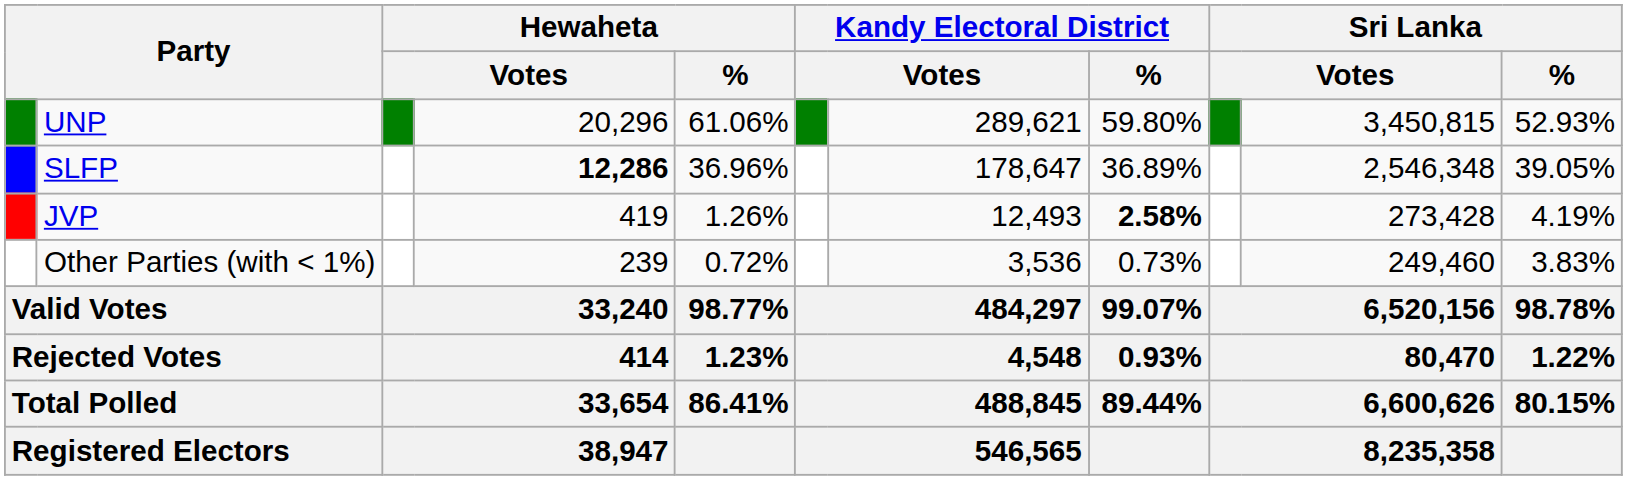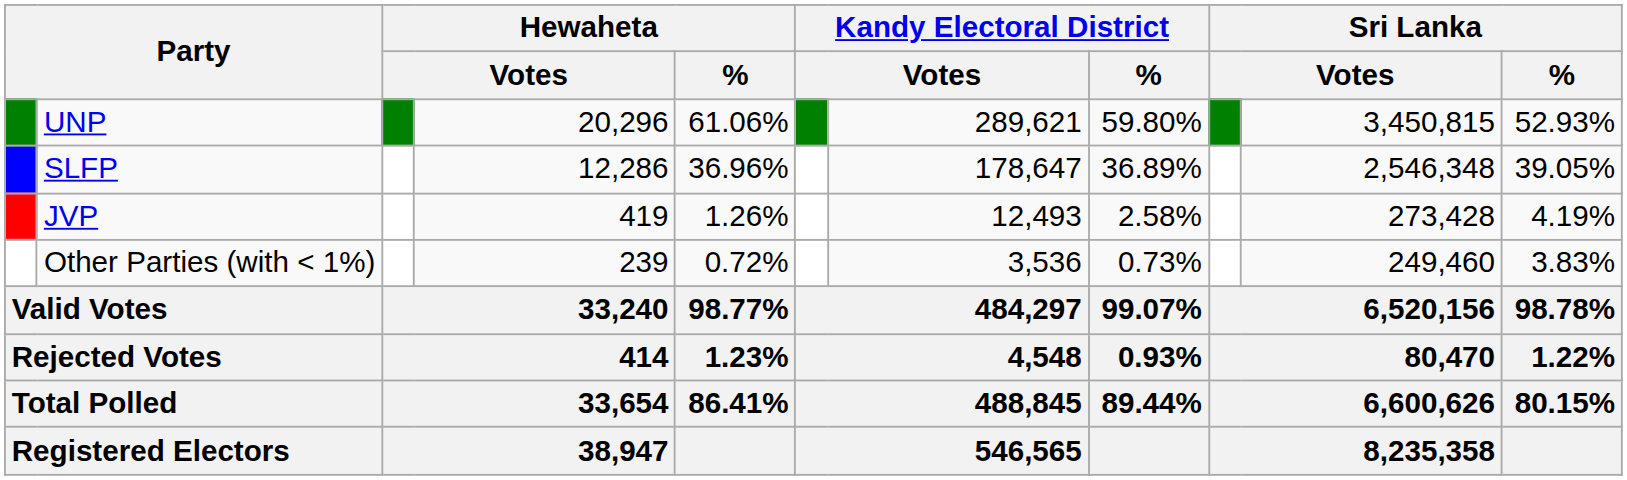 <table class="wikitable">
 <tr>
 <th colspan="2" width="144px"rowspan="2">Party</th>
 <th colspan="3" width="216px">Hewaheta</th>
 <th colspan="3" width="216px"><a href='#'>Kandy Electoral District</a></th>
 <th colspan="3" width="216px">Sri Lanka</th>
 </tr>
 <tr>
 <th colspan="2" width="144px">Votes</th>
 <th>%</th>
 <th colspan="2" width="144px">Votes</th>
 <th>%</th>
 <th colspan="2" width="144px">Votes</th>
 <th>%</th>
 </tr>
 <tr>
 <td style="background-color:green;" width="10px"></td>
 <td style="text-align:left;"><a href='#'>UNP</a></td>
 <td style="background-color:green;" width="10px"></td>
 <td style="text-align:right;">20,296</td>
 <td style="text-align:right;">61.06%</td>
 <td style="background-color:green;" width="10px"></td>
 <td style="text-align:right;">289,621</td>
 <td style="text-align:right;">59.80%</td>
 <td style="background-color:green;" width="10px"></td>
 <td style="text-align:right;">3,450,815</td>
 <td style="text-align:right;">52.93%</td>
 </tr>
 <tr>
 <td style="background-color:blue;" width="10px"></td>
 <td style="text-align:left;"><a href='#'>SLFP</a></td>
 <td style="background-color:white;" width="10px"></td>
-<td style="text-align:right;"><strong>12,286</strong></td>
+<td style="text-align:right;">12,286</td>
 <td style="text-align:right;">36.96%</td>
 <td style="background-color:white;" width="10px"></td>
 <td style="text-align:right;">178,647</td>
 <td style="text-align:right;">36.89%</td>
 <td style="background-color:white;" width="10px"></td>
 <td style="text-align:right;">2,546,348</td>
 <td style="text-align:right;">39.05%</td>
 </tr>
 <tr>
 <td style="background-color:red;" width="10px"></td>
 <td style="text-align:left;"><a href='#'>JVP</a></td>
 <td style="background-color:white;" width="10px"></td>
 <td style="text-align:right;">419</td>
 <td style="text-align:right;">1.26%</td>
 <td style="background-color:white;" width="10px"></td>
 <td style="text-align:right;">12,493</td>
-<td style="text-align:right;"><strong>2.58%</strong></td>
+<td style="text-align:right;">2.58%</td>
 <td style="background-color:white;" width="10px"></td>
 <td style="text-align:right;">273,428</td>
 <td style="text-align:right;">4.19%</td>
 </tr>
 <tr>
 <td style="background-color:white;" width="10px"></td>
 <td style="text-align:left;">Other Parties (with < 1%)</td>
 <td style="background-color:white;" width="10px"></td>
 <td style="text-align:right;">239</td>
 <td style="text-align:right;">0.72%</td>
 <td style="background-color:white;" width="10px"></td>
 <td style="text-align:right;">3,536</td>
 <td style="text-align:right;">0.73%</td>
 <td style="background-color:white;" width="10px"></td>
 <td style="text-align:right;">249,460</td>
 <td style="text-align:right;">3.83%</td>
 </tr>
 <tr>
 <th colspan="2" width="144px"style="text-align:left;">Valid Votes</th>
 <th style="text-align:right;"colspan="2" width="144px">33,240</th>
 <th style="text-align:right;">98.77%</th>
 <th style="text-align:right;"colspan="2" width="144px">484,297</th>
 <th style="text-align:right;">99.07%</th>
 <th style="text-align:right;"colspan="2" width="144px">6,520,156</th>
 <th style="text-align:right;">98.78%</th>
 </tr>
 <tr>
 <th colspan="2" width="144px"style="text-align:left;">Rejected Votes</th>
 <th style="text-align:right;"colspan="2" width="144px">414</th>
 <th style="text-align:right;">1.23%</th>
 <th style="text-align:right;"colspan="2" width="144px">4,548</th>
 <th style="text-align:right;">0.93%</th>
 <th style="text-align:right;"colspan="2" width="144px">80,470</th>
 <th style="text-align:right;">1.22%</th>
 </tr>
 <tr>
 <th colspan="2" width="144px"style="text-align:left;">Total Polled</th>
 <th style="text-align:right;"colspan="2" width="144px">33,654</th>
 <th style="text-align:right;">86.41%</th>
 <th style="text-align:right;"colspan="2" width="144px">488,845</th>
 <th style="text-align:right;">89.44%</th>
 <th style="text-align:right;"colspan="2" width="144px">6,600,626</th>
 <th style="text-align:right;">80.15%</th>
 </tr>
 <tr>
 <th colspan="2" width="144px"style="text-align:left;">Registered Electors</th>
 <th style="text-align:right;"colspan="2" width="144px">38,947</th>
 <th></th>
 <th style="text-align:right;"colspan="2" width="144px">546,565</th>
 <th></th>
 <th style="text-align:right;"colspan="2" width="144px">8,235,358</th>
 <th></th>
 </tr>
 </table>
